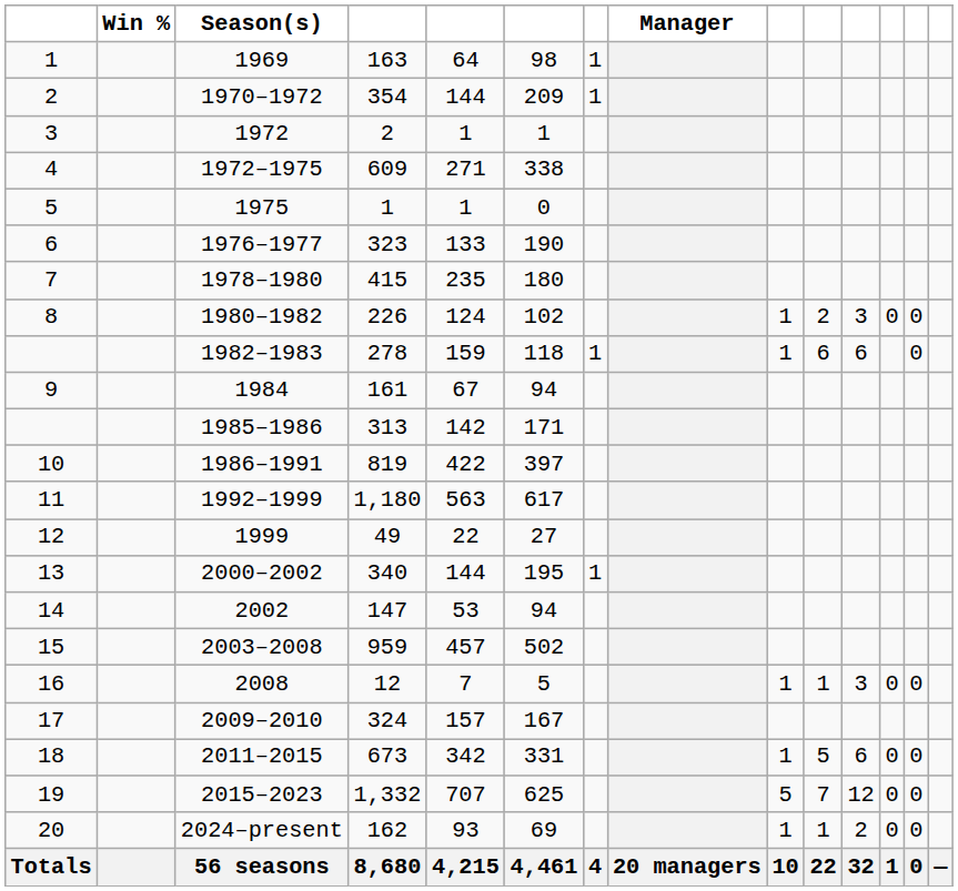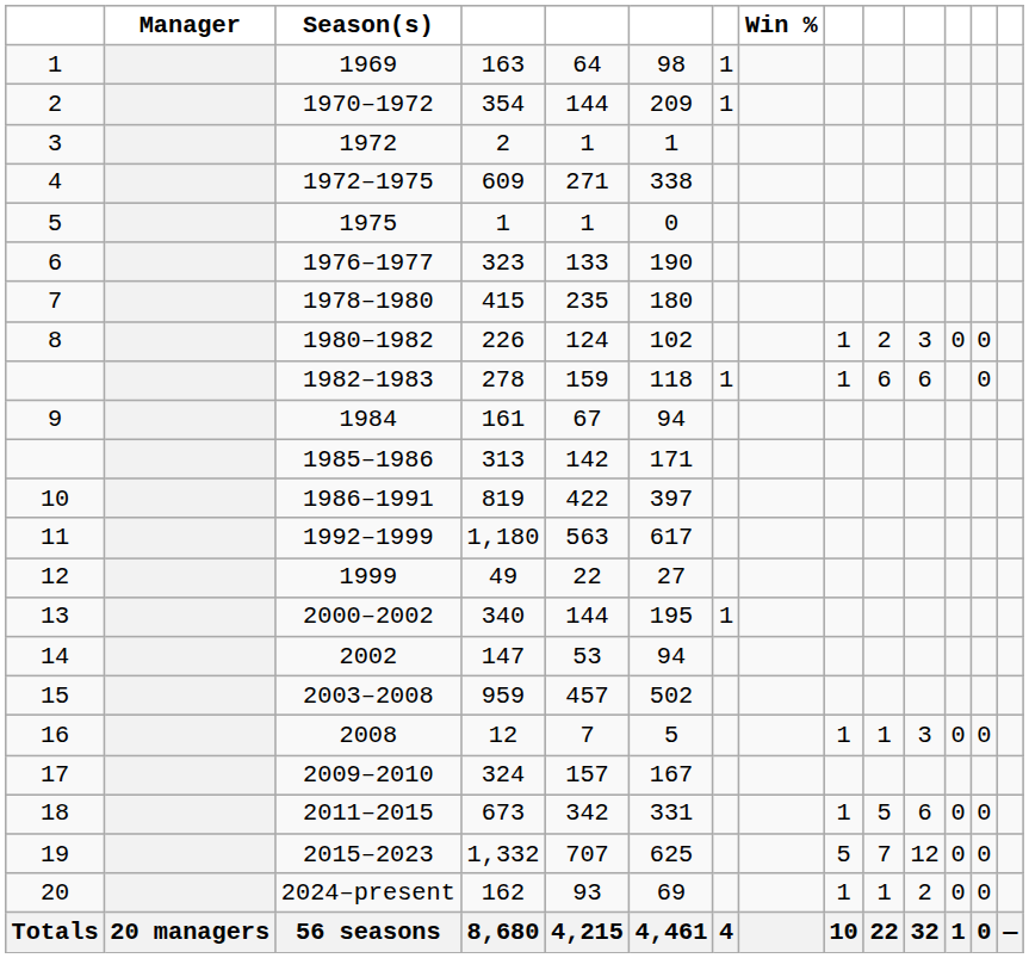 <table class="wikitable sortable plainrowheaders" style="text-align:center;">
 <tr>
 <th scope="col" style="background-color:#ffffff; border-top:#"></th>
-<th scope="col" style="background-color:#ffffff; border-top:#">Win %</th>
+<th scope="col" style="background-color:#ffffff; border-top:#">Manager</th>
 <th scope="col" style="background-color:#ffffff; border-top:#">Season(s)</th>
 <th scope="col" style="background-color:#ffffff; border-top:#"></th>
 <th scope="col" style="background-color:#ffffff; border-top:#"></th>
 <th scope="col" style="background-color:#ffffff; border-top:#"></th>
 <th scope="col" style="background-color:#ffffff; border-top:#"></th>
-<th scope="col" style="background-color:#ffffff; border-top:#">Manager</th>
+<th scope="col" style="background-color:#ffffff; border-top:#">Win %</th>
 <th scope="col" style="background-color:#ffffff; border-top:#"></th>
 <th scope="col" style="background-color:#ffffff; border-top:#"></th>
 <th scope="col" style="background-color:#ffffff; border-top:#"></th>
 <th scope="col" style="background-color:#ffffff; border-top:#"></th>
 <th scope="col" style="background-color:#ffffff; border-top:#"></th>
 <th scope="col" style="background-color:#ffffff; border-top:#"></th>
 </tr>
 <tr>
 <td>1</td>
-<td></td>
+<th scope="row" style="text-align:center"></th>
 <td>1969</td>
 <td>163</td>
 <td>64</td>
 <td>98</td>
 <td>1</td>
-<th scope="row" style="text-align:center"></th>
+<td></td>
 <td></td>
 <td></td>
 <td></td>
 <td></td>
 <td></td>
 <td></td>
 </tr>
 <tr>
 <td>2</td>
-<td></td>
+<th scope="row" style="text-align:center"></th>
 <td>1970–1972</td>
 <td>354</td>
 <td>144</td>
 <td>209</td>
 <td>1</td>
-<th scope="row" style="text-align:center"></th>
+<td></td>
 <td></td>
 <td></td>
 <td></td>
 <td></td>
 <td></td>
 <td></td>
 </tr>
 <tr>
 <td>3</td>
-<td></td>
+<th scope="row" style="text-align:center"></th>
 <td>1972</td>
 <td>2</td>
 <td>1</td>
 <td>1</td>
 <td></td>
-<th scope="row" style="text-align:center"></th>
+<td></td>
 <td></td>
 <td></td>
 <td></td>
 <td></td>
 <td></td>
 <td></td>
 </tr>
 <tr>
 <td>4</td>
-<td></td>
+<th scope="row" style="text-align:center"></th>
 <td>1972–1975</td>
 <td>609</td>
 <td>271</td>
 <td>338</td>
 <td></td>
-<th scope="row" style="text-align:center"></th>
+<td></td>
 <td></td>
 <td></td>
 <td></td>
 <td></td>
 <td></td>
 <td></td>
 </tr>
 <tr>
 <td>5</td>
-<td></td>
+<th scope="row" style="text-align:center"></th>
 <td>1975</td>
 <td>1</td>
 <td>1</td>
 <td>0</td>
 <td></td>
-<th scope="row" style="text-align:center"></th>
+<td></td>
 <td></td>
 <td></td>
 <td></td>
 <td></td>
 <td></td>
 <td></td>
 </tr>
 <tr>
 <td>6</td>
-<td></td>
+<th scope="row" style="text-align:center"></th>
 <td>1976–1977</td>
 <td>323</td>
 <td>133</td>
 <td>190</td>
 <td></td>
-<th scope="row" style="text-align:center"></th>
+<td></td>
 <td></td>
 <td></td>
 <td></td>
 <td></td>
 <td></td>
 <td></td>
 </tr>
 <tr>
 <td>7</td>
-<td></td>
+<th scope="row" style="text-align:center"></th>
 <td>1978–1980</td>
 <td>415</td>
 <td>235</td>
 <td>180</td>
 <td></td>
-<th scope="row" style="text-align:center"></th>
+<td></td>
 <td></td>
 <td></td>
 <td></td>
 <td></td>
 <td></td>
 <td></td>
 </tr>
 <tr>
 <td>8</td>
-<td></td>
+<th scope="row" style="text-align:center"></th>
 <td>1980–1982</td>
 <td>226</td>
 <td>124</td>
 <td>102</td>
 <td></td>
-<th scope="row" style="text-align:center"></th>
+<td></td>
 <td>1</td>
 <td>2</td>
 <td>3</td>
 <td>0</td>
 <td>0</td>
 <td></td>
 </tr>
 <tr>
 <td></td>
-<td></td>
+<th scope="row" style="text-align:center"></th>
 <td>1982–1983</td>
 <td>278</td>
 <td>159</td>
 <td>118</td>
 <td>1</td>
-<th scope="row" style="text-align:center"></th>
+<td></td>
 <td>1</td>
 <td>6</td>
 <td>6</td>
 <td></td>
 <td>0</td>
 <td></td>
 </tr>
 <tr>
 <td>9</td>
-<td></td>
+<th scope="row" style="text-align:center"></th>
 <td>1984</td>
 <td>161</td>
 <td>67</td>
 <td>94</td>
 <td></td>
-<th scope="row" style="text-align:center"></th>
+<td></td>
 <td></td>
 <td></td>
 <td></td>
 <td></td>
 <td></td>
 <td></td>
 </tr>
 <tr>
 <td></td>
-<td></td>
+<th scope="row" style="text-align:center"></th>
 <td>1985–1986</td>
 <td>313</td>
 <td>142</td>
 <td>171</td>
 <td></td>
-<th scope="row" style="text-align:center"></th>
+<td></td>
 <td></td>
 <td></td>
 <td></td>
 <td></td>
 <td></td>
 <td></td>
 </tr>
 <tr>
 <td>10</td>
-<td></td>
+<th scope="row" style="text-align:center"></th>
 <td>1986–1991</td>
 <td>819</td>
 <td>422</td>
 <td>397</td>
 <td></td>
-<th scope="row" style="text-align:center"></th>
+<td></td>
 <td></td>
 <td></td>
 <td></td>
 <td></td>
 <td></td>
 <td></td>
 </tr>
 <tr>
 <td>11</td>
-<td></td>
+<th scope="row" style="text-align:center"></th>
 <td>1992–1999</td>
 <td>1,180</td>
 <td>563</td>
 <td>617</td>
 <td></td>
-<th scope="row" style="text-align:center"></th>
+<td></td>
 <td></td>
 <td></td>
 <td></td>
 <td></td>
 <td></td>
 <td></td>
 </tr>
 <tr>
 <td>12</td>
-<td></td>
+<th scope="row" style="text-align:center"></th>
 <td>1999</td>
 <td>49</td>
 <td>22</td>
 <td>27</td>
 <td></td>
-<th scope="row" style="text-align:center"></th>
+<td></td>
 <td></td>
 <td></td>
 <td></td>
 <td></td>
 <td></td>
 <td></td>
 </tr>
 <tr>
 <td>13</td>
-<td></td>
+<th scope="row" style="text-align:center"></th>
 <td>2000–2002</td>
 <td>340</td>
 <td>144</td>
 <td>195</td>
 <td>1</td>
-<th scope="row" style="text-align:center"></th>
+<td></td>
 <td></td>
 <td></td>
 <td></td>
 <td></td>
 <td></td>
 <td></td>
 </tr>
 <tr>
 <td>14</td>
-<td></td>
+<th scope="row" style="text-align:center"></th>
 <td>2002</td>
 <td>147</td>
 <td>53</td>
 <td>94</td>
 <td></td>
-<th scope="row" style="text-align:center"></th>
+<td></td>
 <td></td>
 <td></td>
 <td></td>
 <td></td>
 <td></td>
 <td></td>
 </tr>
 <tr>
 <td>15</td>
-<td></td>
+<th scope="row" style="text-align:center"></th>
 <td>2003–2008</td>
 <td>959</td>
 <td>457</td>
 <td>502</td>
 <td></td>
-<th scope="row" style="text-align:center"></th>
+<td></td>
 <td></td>
 <td></td>
 <td></td>
 <td></td>
 <td></td>
 <td></td>
 </tr>
 <tr>
 <td>16</td>
-<td></td>
+<th scope="row" style="text-align:center"></th>
 <td>2008</td>
 <td>12</td>
 <td>7</td>
 <td>5</td>
 <td></td>
-<th scope="row" style="text-align:center"></th>
+<td></td>
 <td>1</td>
 <td>1</td>
 <td>3</td>
 <td>0</td>
 <td>0</td>
 <td></td>
 </tr>
 <tr>
 <td>17</td>
-<td></td>
+<th scope="row" style="text-align:center"></th>
 <td>2009–2010</td>
 <td>324</td>
 <td>157</td>
 <td>167</td>
 <td></td>
-<th scope="row" style="text-align:center"></th>
+<td></td>
 <td></td>
 <td></td>
 <td></td>
 <td></td>
 <td></td>
 <td></td>
 </tr>
 <tr>
 <td>18</td>
-<td></td>
+<th scope="row" style="text-align:center"></th>
 <td>2011–2015</td>
 <td>673</td>
 <td>342</td>
 <td>331</td>
 <td></td>
-<th scope="row" style="text-align:center"></th>
+<td></td>
 <td>1</td>
 <td>5</td>
 <td>6</td>
 <td>0</td>
 <td>0</td>
 <td></td>
 </tr>
 <tr>
 <td>19</td>
-<td></td>
+<th scope="row" style="text-align:center"></th>
 <td>2015–2023</td>
 <td>1,332</td>
 <td>707</td>
 <td>625</td>
 <td></td>
-<th scope="row" style="text-align:center"></th>
+<td></td>
 <td>5</td>
 <td>7</td>
 <td>12</td>
 <td>0</td>
 <td>0</td>
 <td></td>
 </tr>
 <tr>
 <td>20</td>
-<td></td>
+<th scope="row" style="text-align:center"></th>
 <td>2024–present</td>
 <td>162</td>
 <td>93</td>
 <td>69</td>
 <td></td>
-<th scope="row" style="text-align:center"></th>
+<td></td>
 <td>1</td>
 <td>1</td>
 <td>2</td>
 <td>0</td>
 <td>0</td>
 <td></td>
 </tr>
 <tr class="sortbottom">
 <th scope="row" style="text-align:center"><strong>Totals</strong></th>
-<th></th>
+<th>20 managers</th>
 <th>56 seasons</th>
 <th>8,680</th>
 <th>4,215</th>
 <th>4,461</th>
 <th>4</th>
-<th>20 managers</th>
+<th></th>
 <th>10</th>
 <th>22</th>
 <th>32</th>
 <th>1</th>
 <th>0</th>
 <th>—</th>
 </tr>
 </table>
